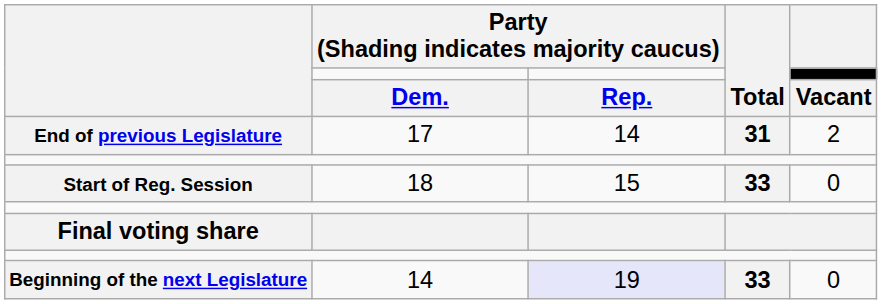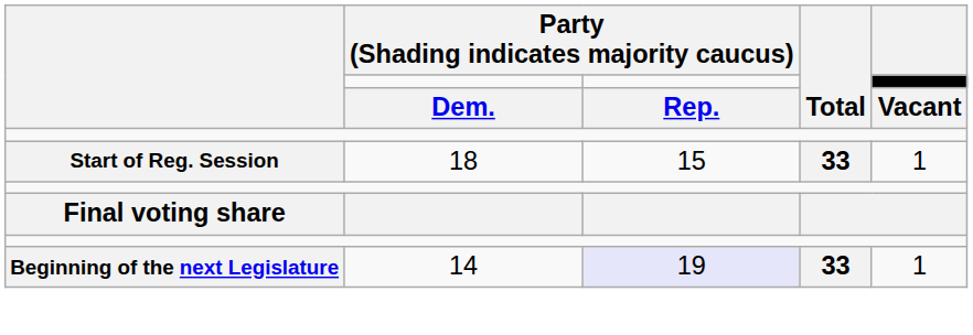 <table class=wikitable style="text-align:center">
 <tr style="vertical-align:bottom;">
 <th rowspan=3></th>
 <th colspan=2>Party <div>(Shading indicates majority caucus)</div></th>
 <th rowspan=3>Total</th>
 <th></th>
 </tr>
 <tr style="height:5px">
 <td style="background-color:"></td>
 <td style="background-color:"></td>
 <td style="background-color:black"></td>
 </tr>
 <tr>
 <th><a href='#'>Dem.</a></th>
 <th><a href='#'>Rep.</a></th>
 <th>Vacant</th>
 </tr>
 <tr>
-<th nowrap style="font-size:80%">End of <a href='#'>previous Legislature</a></th>
-<td>17</td>
-<td>14</td>
-<th>31</th>
-<td>2</td>
-</tr>
-<tr>
 <td colspan=5></td>
 </tr>
 <tr>
 <th nowrap style="font-size:80%">Start of Reg. Session</th>
 <td>18</td>
 <td>15</td>
 <th>33</th>
-<td>0</td>
+<td>1</td>
 </tr>
 <tr>
 <td colspan=5></td>
 </tr>
 <tr>
 <th>Final voting share</th>
 <th></th>
 <th></th>
 <th colspan=2></th>
 </tr>
 <tr>
 <td colspan=5></td>
 </tr>
 <tr>
 <th style="white-space:nowrap; font-size:80%;">Beginning of the <a href='#'>next Legislature</a></th>
 <td>14</td>
 <td style="background: lavender;">19</td>
 <th>33</th>
-<td>0</td>
+<td>1</td>
 </tr>
 </table>
